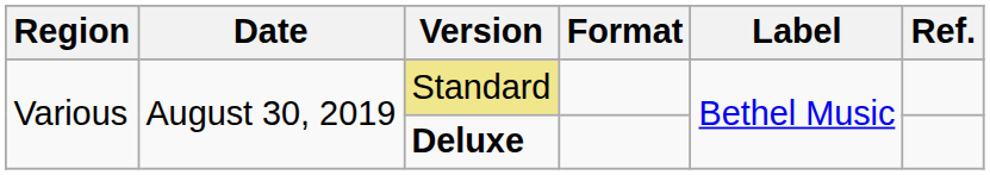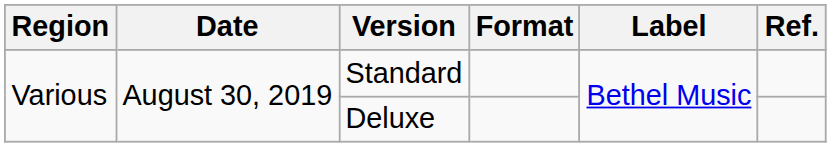 <table class="wikitable plainrowheaders">
 <tr>
 <th scope="col">Region</th>
 <th scope="col">Date</th>
 <th scope="col">Version</th>
 <th scope="col">Format</th>
 <th scope="col">Label</th>
 <th scope="col">Ref.</th>
 </tr>
 <tr>
 <td rowspan="2">Various</td>
 <td rowspan="2">August 30, 2019</td>
-<td style="background: khaki;">Standard</td>
+<td>Standard</td>
 <td></td>
 <td rowspan="2"><a href='#'>Bethel Music</a></td>
 <td></td>
 </tr>
 <tr>
-<td><strong>Deluxe<br></strong></td>
+<td>Deluxe<br></td>
 <td></td>
 <td></td>
 </tr>
 </table>
